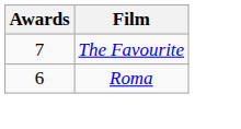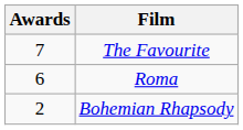 <table class="wikitable" style="text-align:center;">
 <tr>
 <th style="background:">Awards</th>
 <th style="background:">Film</th>
 </tr>
 <tr>
 <td>7</td>
 <td><em><a href='#'>The Favourite</a></em></td>
 </tr>
 <tr>
 <td>6</td>
 <td><em><a href='#'>Roma</a></em></td>
 </tr>
+<tr>
+<td>2</td>
+<td><em><a href='#'>Bohemian Rhapsody</a></em></td>
+</tr>
 </table>
